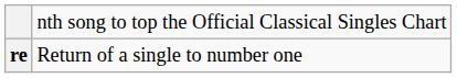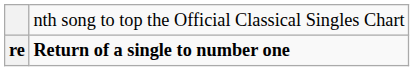 <table class="wikitable plainrowheaders" style="font-size:90%;">
 <tr>
 <th scope=col></th>
 <td>nth song to top the Official Classical Singles Chart</td>
 </tr>
 <tr>
 <th scope=row style="text-align:center;">re</th>
-<td>Return of a single to number one</td>
+<td><strong>Return of a single to number one</strong></td>
 </tr>
 </table>
